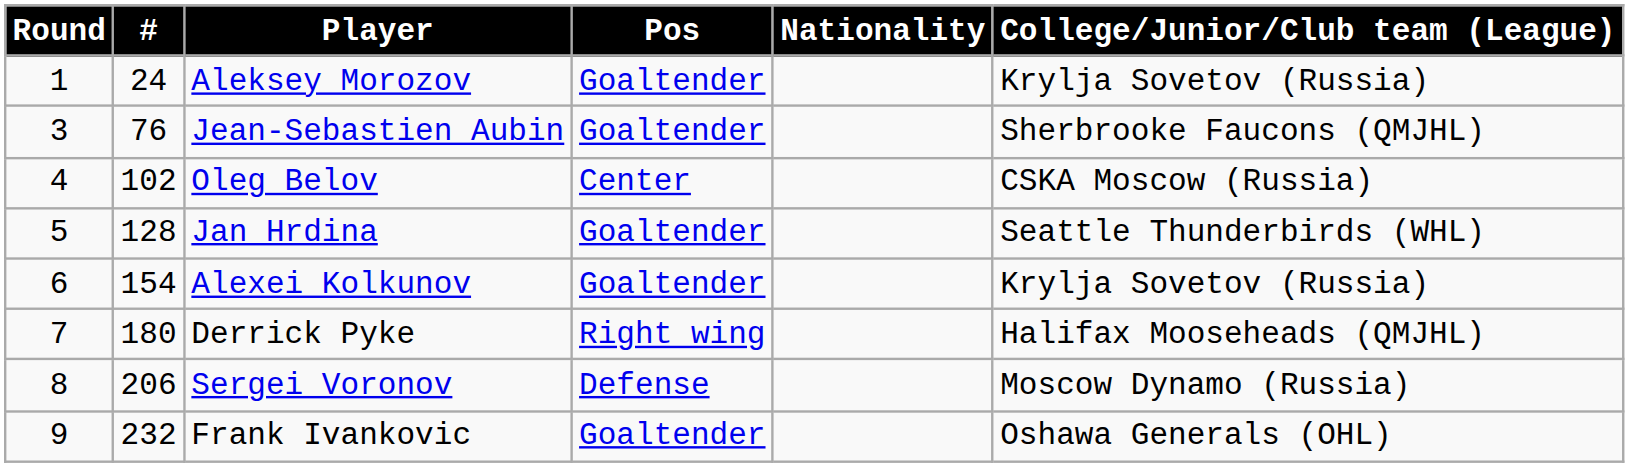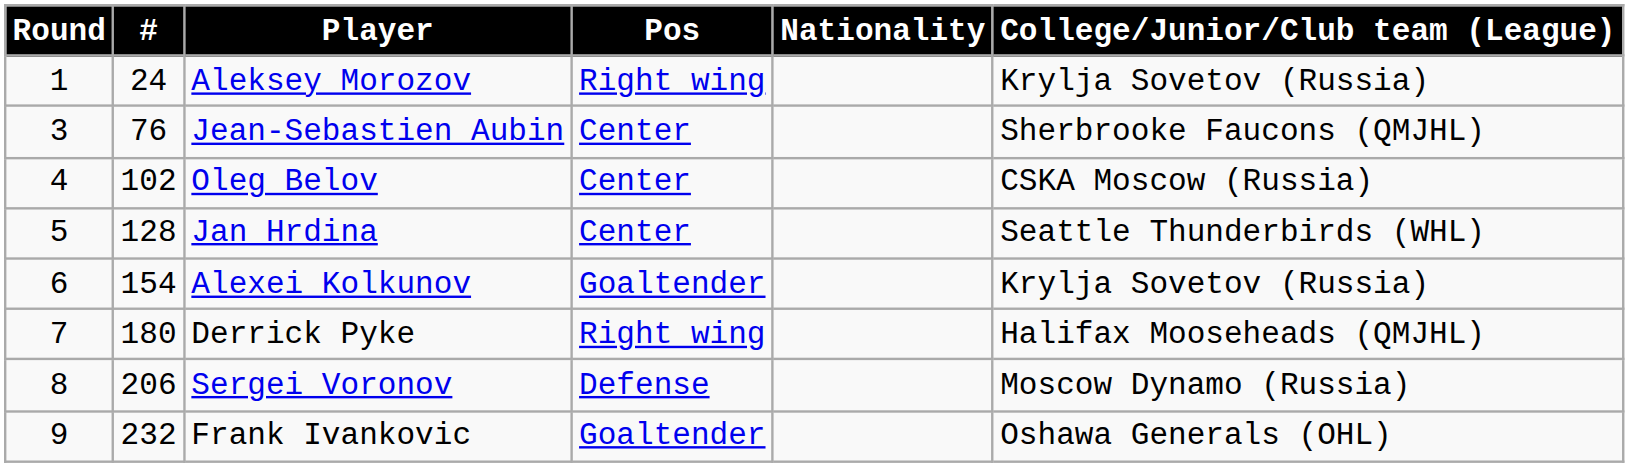 <table class="wikitable">
 <tr>
 <th style="color:white; background:#000000; ">Round</th>
 <th style="color:white; background:#000000; ">#</th>
 <th style="color:white; background:#000000; ">Player</th>
 <th style="color:white; background:#000000; ">Pos</th>
 <th style="color:white; background:#000000; ">Nationality</th>
 <th style="color:white; background:#000000; ">College/Junior/Club team (League)</th>
 </tr>
 <tr>
 <td align=center>1</td>
 <td align=center>24</td>
 <td><a href='#'>Aleksey Morozov</a></td>
-<td><a href='#'>Goaltender</a></td>
+<td><a href='#'>Right wing</a></td>
 <td></td>
 <td>Krylja Sovetov (Russia)</td>
 </tr>
 <tr>
 <td align=center>3</td>
 <td align=center>76</td>
 <td><a href='#'>Jean-Sebastien Aubin</a></td>
-<td><a href='#'>Goaltender</a></td>
+<td><a href='#'>Center</a></td>
 <td></td>
 <td>Sherbrooke Faucons (QMJHL)</td>
 </tr>
 <tr>
 <td align=center>4</td>
 <td align=center>102</td>
 <td><a href='#'>Oleg Belov</a></td>
 <td><a href='#'>Center</a></td>
 <td></td>
 <td>CSKA Moscow (Russia)</td>
 </tr>
 <tr>
 <td align=center>5</td>
 <td align=center>128</td>
 <td><a href='#'>Jan Hrdina</a></td>
-<td><a href='#'>Goaltender</a></td>
+<td><a href='#'>Center</a></td>
 <td></td>
 <td>Seattle Thunderbirds (WHL)</td>
 </tr>
 <tr>
 <td align=center>6</td>
 <td align=center>154</td>
 <td><a href='#'>Alexei Kolkunov</a></td>
 <td><a href='#'>Goaltender</a></td>
 <td></td>
 <td>Krylja Sovetov (Russia)</td>
 </tr>
 <tr>
 <td align=center>7</td>
 <td align=center>180</td>
 <td>Derrick Pyke</td>
 <td><a href='#'>Right wing</a></td>
 <td></td>
 <td>Halifax Mooseheads (QMJHL)</td>
 </tr>
 <tr>
 <td align=center>8</td>
 <td align=center>206</td>
 <td><a href='#'>Sergei Voronov</a></td>
 <td><a href='#'>Defense</a></td>
 <td></td>
 <td>Moscow Dynamo (Russia)</td>
 </tr>
 <tr>
 <td align=center>9</td>
 <td align=center>232</td>
 <td>Frank Ivankovic</td>
 <td><a href='#'>Goaltender</a></td>
 <td></td>
 <td>Oshawa Generals (OHL)</td>
 </tr>
 </table>
